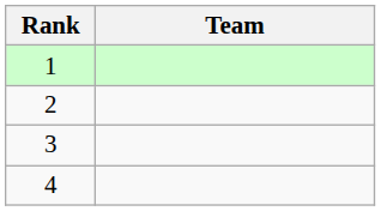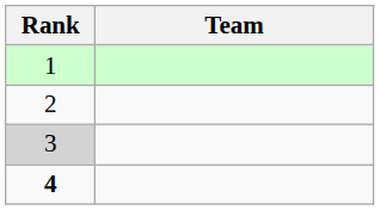 <table class="wikitable" style="text-align: center">
 <tr>
 <th width=50>Rank</th>
 <th width=170>Team</th>
 </tr>
 <tr bgcolor=#ccffcc>
 <td>1</td>
 <td align=left></td>
 </tr>
 <tr>
 <td>2</td>
 <td align=left></td>
 </tr>
 <tr>
-<td>3</td>
+<td style="background: lightgrey;">3</td>
 <td align=left></td>
 </tr>
 <tr>
-<td>4</td>
+<td><strong>4</strong></td>
 <td align=left></td>
 </tr>
 </table>
